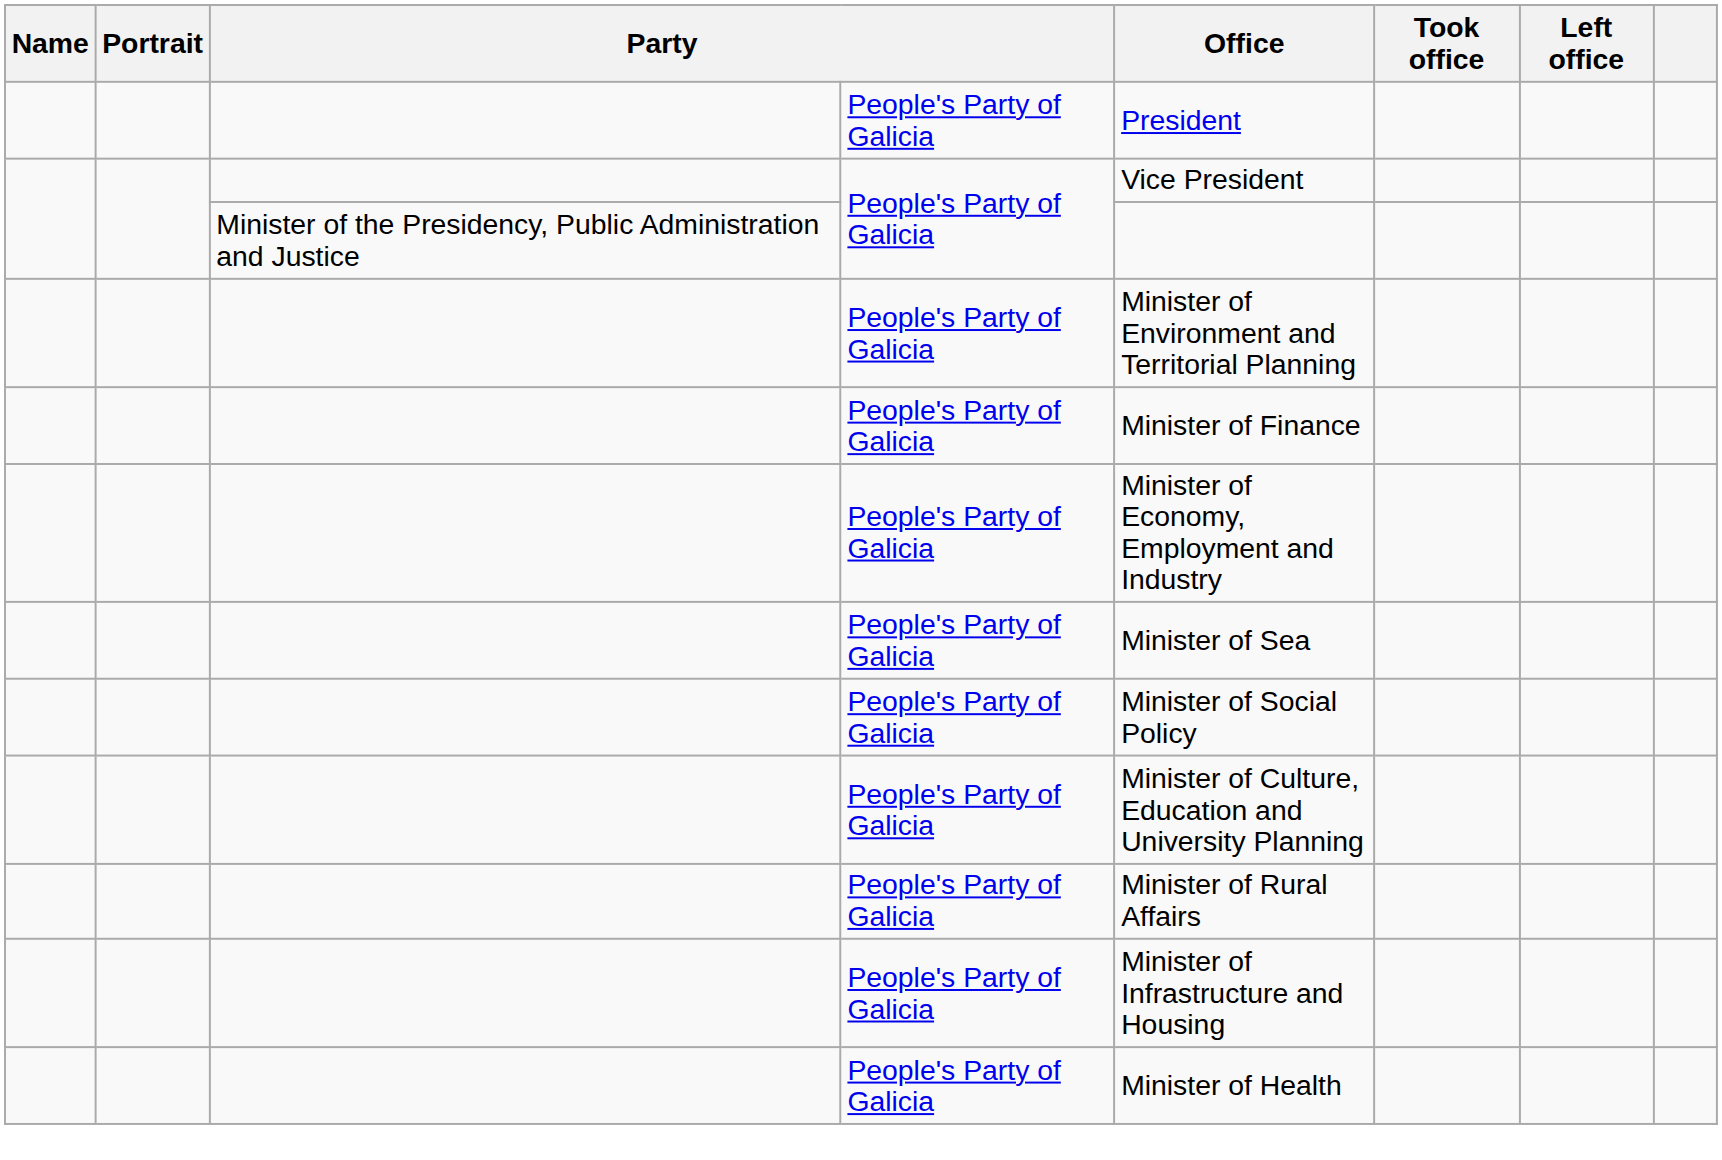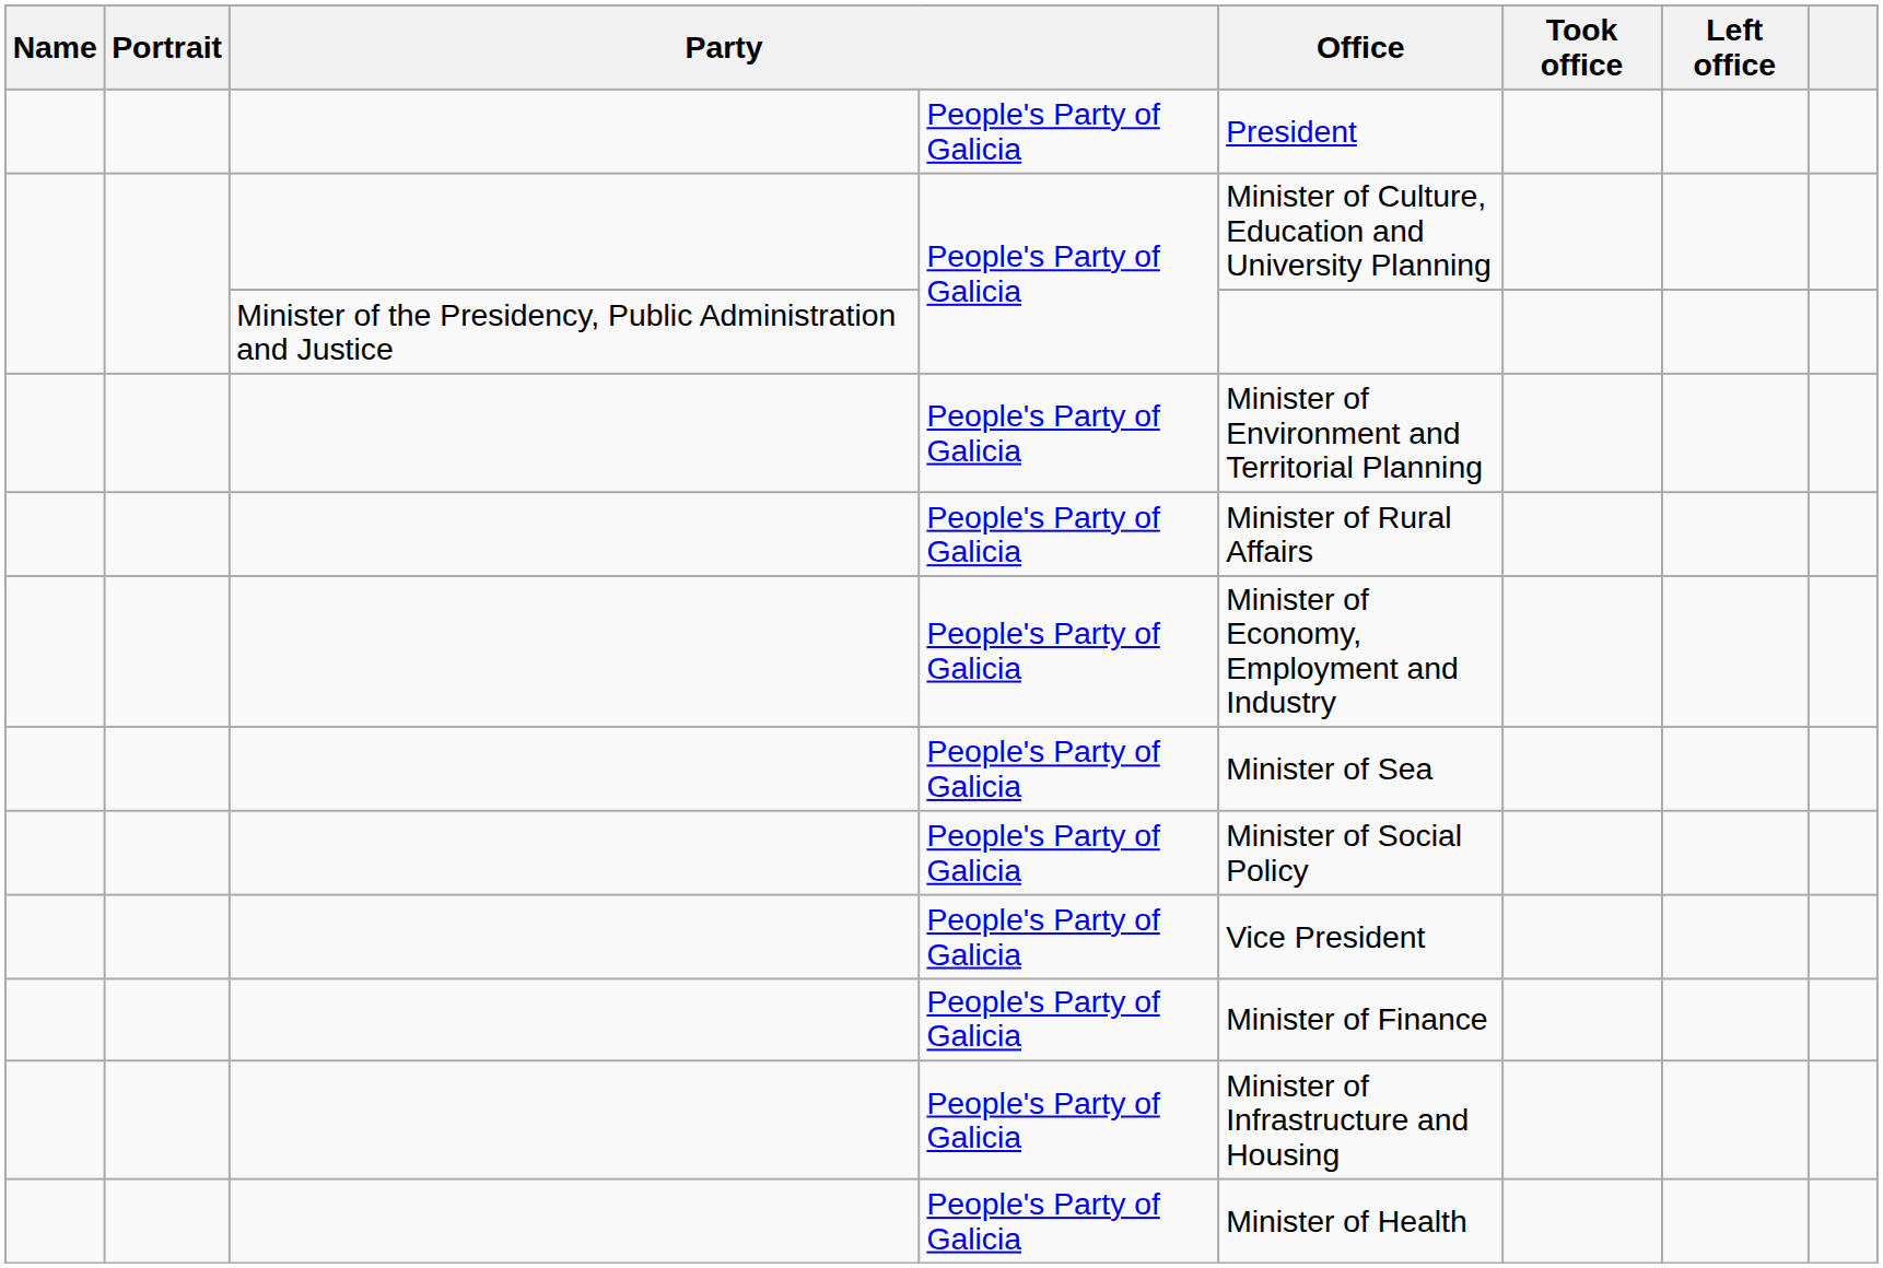 <table class="wikitable plainrowheaders sortable" style="font-size:90%; text-align:left;">
 <tr>
 <th scope=col>Name</th>
 <th scope=col class=unsortable>Portrait</th>
 <th scope=col colspan="2">Party</th>
 <th scope=col width=125px>Office</th>
 <th scope=col>Took office</th>
 <th scope=col>Left office</th>
 <th scope=col width=25px class=unsortable></th>
 </tr>
 <tr>
 <td style="white-space: nowrap;"></td>
 <td align=center></td>
 <td !align="center" style="background:"></td>
 <td><a href='#'>People's Party of Galicia</a></td>
 <td><a href='#'>President</a></td>
 <td align=center></td>
 <td></td>
 <td align=center></td>
 </tr>
 <tr>
 <td style="white-space: nowrap;" rowspan=2></td>
 <td align=center rowspan=2></td>
 <td !align="center" style="background:"></td>
 <td rowspan=2><a href='#'>People's Party of Galicia</a></td>
-<td>Vice President</td>
+<td>Minister of Culture, Education and University Planning</td>
 <td align=center></td>
 <td></td>
 <td align=center></td>
 </tr>
 <tr>
 <td>Minister of the Presidency, Public Administration and Justice</td>
 <td align=center></td>
 <td></td>
 <td align=center></td>
 </tr>
 <tr>
 <td style="white-space: nowrap;"></td>
 <td align=center></td>
 <td !align="center" style="background:"></td>
 <td><a href='#'>People's Party of Galicia</a></td>
 <td>Minister of Environment and Territorial Planning</td>
 <td align=center></td>
 <td></td>
 <td align=center></td>
 </tr>
 <tr>
 <td style="white-space: nowrap;"></td>
 <td align=center></td>
 <td !align="center" style="background:"></td>
 <td><a href='#'>People's Party of Galicia</a></td>
-<td>Minister of Finance</td>
+<td>Minister of Rural Affairs</td>
 <td align=center></td>
 <td></td>
 <td align=center></td>
 </tr>
 <tr>
 <td style="white-space: nowrap;"></td>
 <td align=center></td>
 <td !align="center" style="background:"></td>
 <td><a href='#'>People's Party of Galicia</a></td>
 <td>Minister of Economy, Employment and Industry</td>
 <td align=center></td>
 <td></td>
 <td align=center></td>
 </tr>
 <tr>
 <td style="white-space: nowrap;"></td>
 <td align=center></td>
 <td !align="center" style="background:"></td>
 <td><a href='#'>People's Party of Galicia</a></td>
 <td>Minister of Sea</td>
 <td align=center></td>
 <td></td>
 <td align=center></td>
 </tr>
 <tr>
 <td style="white-space: nowrap;"></td>
 <td align=center></td>
 <td !align="center" style="background:"></td>
 <td><a href='#'>People's Party of Galicia</a></td>
 <td>Minister of Social Policy</td>
 <td align=center></td>
 <td></td>
 <td align=center></td>
 </tr>
 <tr>
 <td style="white-space: nowrap;"></td>
 <td align=center></td>
 <td !align="center" style="background:"></td>
 <td><a href='#'>People's Party of Galicia</a></td>
-<td>Minister of Culture, Education and University Planning</td>
+<td>Vice President</td>
 <td align=center></td>
 <td></td>
 <td align=center></td>
 </tr>
 <tr>
 <td style="white-space: nowrap;"></td>
 <td align=center></td>
 <td !align="center" style="background:"></td>
 <td><a href='#'>People's Party of Galicia</a></td>
-<td>Minister of Rural Affairs</td>
+<td>Minister of Finance</td>
 <td align=center></td>
 <td></td>
 <td align=center></td>
 </tr>
 <tr>
 <td style="white-space: nowrap;"></td>
 <td align=center></td>
 <td !align="center" style="background:"></td>
 <td><a href='#'>People's Party of Galicia</a></td>
 <td>Minister of Infrastructure and Housing</td>
 <td align=center></td>
 <td></td>
 <td align=center></td>
 </tr>
 <tr>
 <td style="white-space: nowrap;"></td>
 <td align=center></td>
 <td !align="center" style="background:"></td>
 <td><a href='#'>People's Party of Galicia</a></td>
 <td>Minister of Health</td>
 <td align=center></td>
 <td></td>
 <td align=center></td>
 </tr>
 </table>
